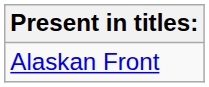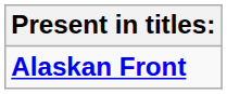 <table class="wikitable">
 <tr>
 <th>Present in titles:</th>
 </tr>
 <tr>
-<td><a href='#'>Alaskan Front</a></td>
+<td><strong><a href='#'>Alaskan Front</a></strong></td>
 </tr>
 </table>
